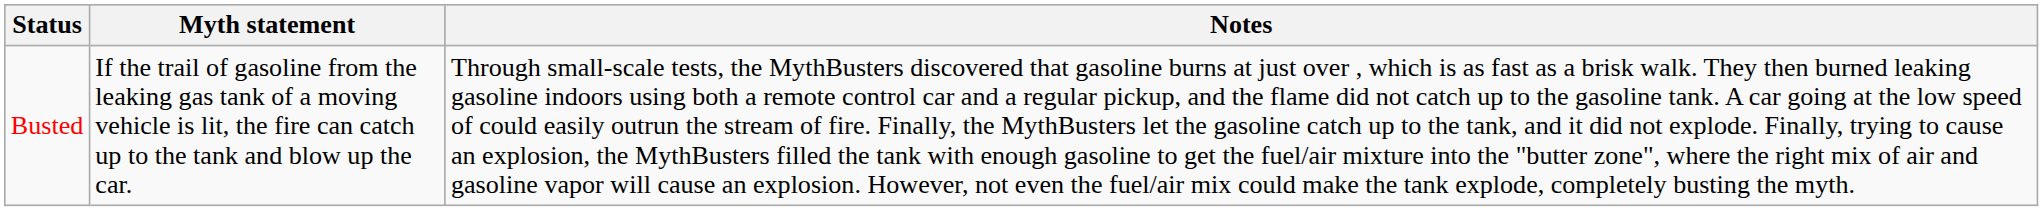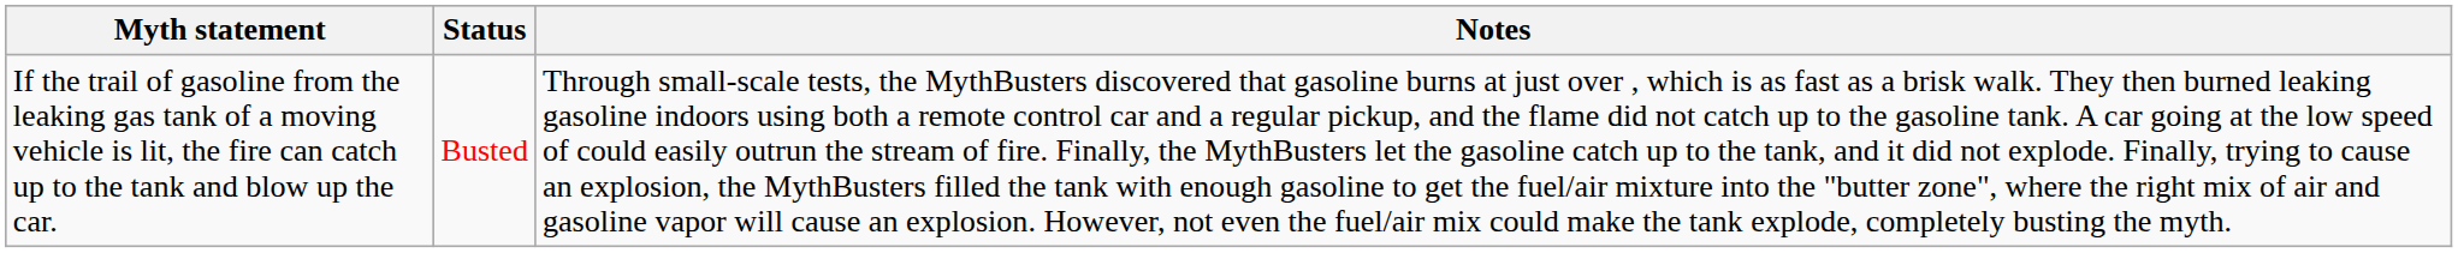 <table class="wikitable plainrowheaders">
 <tr>
+<th>Myth statement</th>
 <th>Status</th>
-<th>Myth statement</th>
 <th>Notes</th>
 </tr>
 <tr>
+<td>If the trail of gasoline from the leaking gas tank of a moving vehicle is lit, the fire can catch up to the tank and blow up the car.</td>
 <td style="color:red">Busted</td>
-<td>If the trail of gasoline from the leaking gas tank of a moving vehicle is lit, the fire can catch up to the tank and blow up the car.</td>
 <td>Through small-scale tests, the MythBusters discovered that gasoline burns at just over , which is as fast as a brisk walk. They then burned leaking gasoline indoors using both a remote control car and a regular pickup, and the flame did not catch up to the gasoline tank. A car going at the low speed of  could easily outrun the stream of fire. Finally, the MythBusters let the gasoline catch up to the tank, and it did not explode. Finally, trying to cause an explosion, the MythBusters filled the tank with enough gasoline to get the fuel/air mixture into the "butter zone", where the right mix of air and gasoline vapor will cause an explosion. However, not even the fuel/air mix could make the tank explode, completely busting the myth.</td>
 </tr>
 </table>
